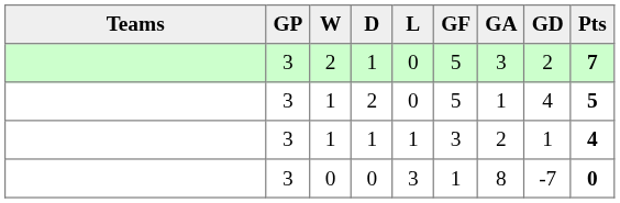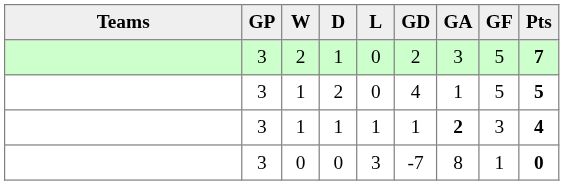 <table style=border-collapse:collapse border=1 cellspacing=0 cellpadding=5>
 <tr align=center bgcolor=#efefef>
 <th width=185>Teams</th>
 <th width=20>GP</th>
 <th width=20>W</th>
 <th width=20>D</th>
 <th width=20>L</th>
+<th width=20>GD</th>
+<th width=20>GA</th>
 <th width=20>GF</th>
-<th width=20>GA</th>
-<th width=20>GD</th>
 <th width=20>Pts<br></th>
 </tr>
 <tr align=center style="background:#ccffcc;">
 <td style="text-align:left;"></td>
 <td>3</td>
 <td>2</td>
 <td>1</td>
 <td>0</td>
+<td>2</td>
+<td>3</td>
 <td>5</td>
-<td>3</td>
-<td>2</td>
 <td><strong>7</strong></td>
 </tr>
 <tr align=center>
 <td style="text-align:left;"></td>
 <td>3</td>
 <td>1</td>
 <td>2</td>
 <td>0</td>
+<td>4</td>
+<td>1</td>
 <td>5</td>
-<td>1</td>
-<td>4</td>
 <td><strong>5</strong></td>
 </tr>
 <tr align=center>
 <td style="text-align:left;"></td>
 <td>3</td>
 <td>1</td>
 <td>1</td>
 <td>1</td>
+<td>1</td>
+<td><strong>2</strong></td>
 <td>3</td>
-<td>2</td>
-<td>1</td>
 <td><strong>4</strong></td>
 </tr>
 <tr align=center>
 <td style="text-align:left;"></td>
 <td>3</td>
 <td>0</td>
 <td>0</td>
 <td>3</td>
+<td>-7</td>
+<td>8</td>
 <td>1</td>
-<td>8</td>
-<td>-7</td>
 <td><strong>0</strong></td>
 </tr>
 </table>
